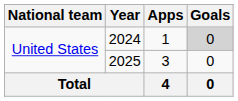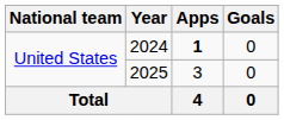 <table class="wikitable" style="text-align:center">
 <tr>
 <th>National team</th>
 <th>Year</th>
 <th>Apps</th>
 <th>Goals</th>
 </tr>
 <tr>
 <td rowspan=2><a href='#'>United States</a></td>
 <td>2024</td>
-<td>1</td>
-<td style="background: lightgrey;">0</td>
+<td><strong>1</strong></td>
+<td>0</td>
 </tr>
 <tr>
 <td>2025</td>
 <td>3</td>
 <td>0</td>
 </tr>
 <tr>
 <th colspan="2">Total</th>
 <th>4</th>
 <th>0</th>
 </tr>
 </table>
